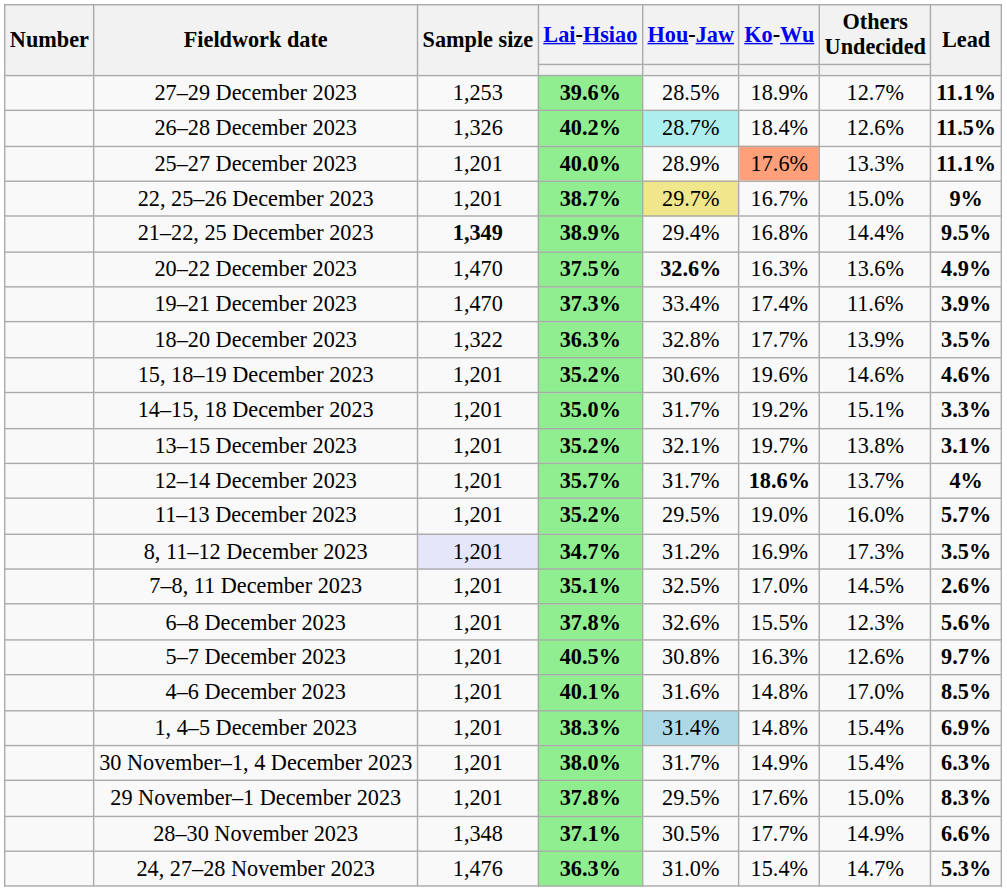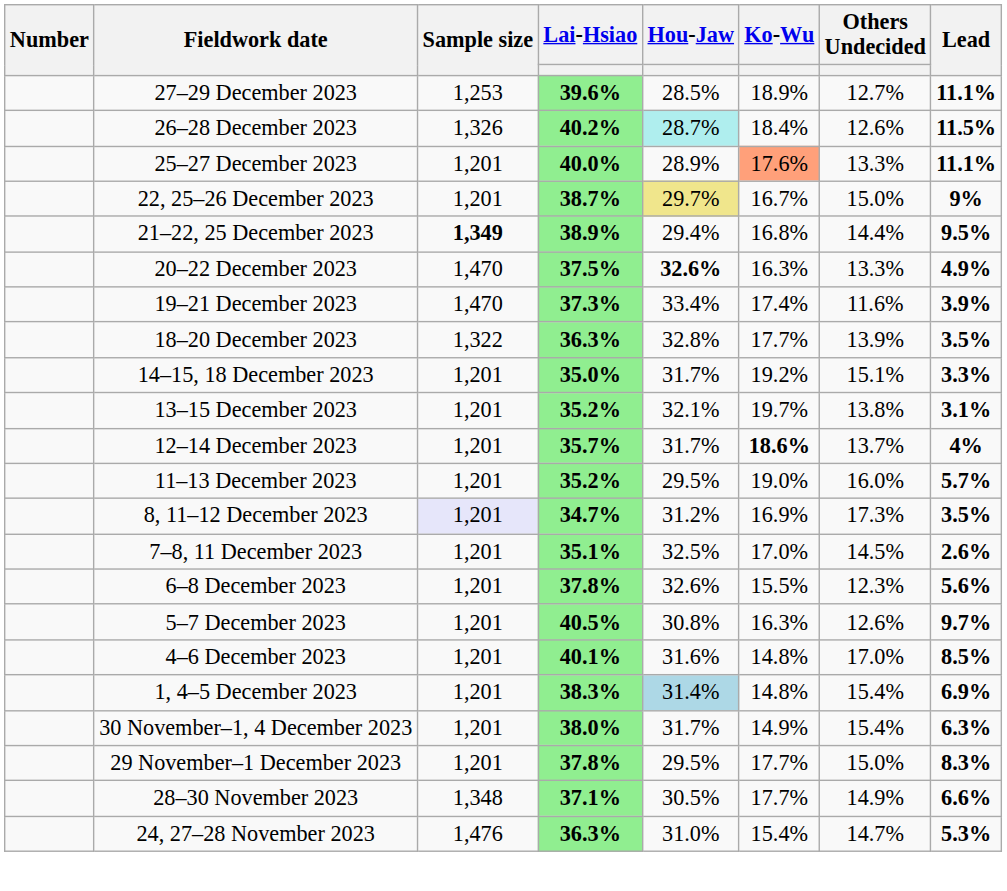 <table class="wikitable sortable collapsible" style="text-align:center;">
 <tr style="background:#e9e9e9;">
 <th rowspan="2">Number</th>
 <th rowspan="2">Fieldwork date</th>
 <th rowspan="2">Sample size</th>
 <th><a href='#'>Lai</a>-<a href='#'>Hsiao</a><br></th>
 <th><a href='#'>Hou</a>-<a href='#'>Jaw</a><br></th>
 <th><a href='#'>Ko</a>-<a href='#'>Wu</a><br></th>
 <th>Others<br>Undecided</th>
 <th rowspan="2">Lead</th>
 </tr>
 <tr>
 <th style="background:"></th>
 <th style="background:"></th>
 <th style="background:"></th>
 <th style="background:"></th>
 </tr>
 <tr>
 <td></td>
 <td>27–29 December 2023</td>
 <td>1,253</td>
 <td style="background:#90ee90;"><strong>39.6%</strong></td>
 <td>28.5%</td>
 <td>18.9%</td>
 <td>12.7%</td>
 <td style="background:"><strong>11.1%</strong></td>
 </tr>
 <tr>
 <td></td>
 <td>26–28 December 2023</td>
 <td>1,326</td>
 <td style="background:#90ee90;"><strong>40.2%</strong></td>
 <td style="background: paleturquoise;">28.7%</td>
 <td>18.4%</td>
 <td>12.6%</td>
 <td style="background:"><strong>11.5%</strong></td>
 </tr>
 <tr>
 <td></td>
 <td>25–27 December 2023</td>
 <td>1,201</td>
 <td style="background:#90ee90;"><strong>40.0%</strong></td>
 <td>28.9%</td>
 <td style="background: lightsalmon;">17.6%</td>
 <td>13.3%</td>
 <td style="background:"><strong>11.1%</strong></td>
 </tr>
 <tr>
 <td></td>
 <td>22, 25–26 December 2023</td>
 <td>1,201</td>
 <td style="background:#90ee90;"><strong>38.7%</strong></td>
 <td style="background: khaki;">29.7%</td>
 <td>16.7%</td>
 <td>15.0%</td>
 <td style="background:"><strong>9%</strong></td>
 </tr>
 <tr>
 <td></td>
 <td>21–22, 25 December 2023</td>
 <td><strong>1,349</strong></td>
 <td style="background:#90ee90;"><strong>38.9%</strong></td>
 <td>29.4%</td>
 <td>16.8%</td>
 <td>14.4%</td>
 <td style="background:"><strong>9.5%</strong></td>
 </tr>
 <tr>
 <td></td>
 <td>20–22 December 2023</td>
 <td>1,470</td>
 <td style="background:#90ee90;"><strong>37.5%</strong></td>
 <td><strong>32.6%</strong></td>
 <td>16.3%</td>
-<td>13.6%</td>
+<td>13.3%</td>
 <td style="background:"><strong>4.9%</strong></td>
 </tr>
 <tr>
 <td></td>
 <td>19–21 December 2023</td>
 <td>1,470</td>
 <td style="background:#90ee90;"><strong>37.3%</strong></td>
 <td>33.4%</td>
 <td>17.4%</td>
 <td>11.6%</td>
 <td style="background:"><strong>3.9%</strong></td>
 </tr>
 <tr>
 <td></td>
 <td>18–20 December 2023</td>
 <td>1,322</td>
 <td style="background:#90ee90;"><strong>36.3%</strong></td>
 <td>32.8%</td>
 <td>17.7%</td>
 <td>13.9%</td>
 <td style="background:"><strong>3.5%</strong></td>
-</tr>
-<tr>
-<td></td>
-<td>15, 18–19 December 2023</td>
-<td>1,201</td>
-<td style="background:#90ee90;"><strong>35.2%</strong></td>
-<td>30.6%</td>
-<td>19.6%</td>
-<td>14.6%</td>
-<td style="background:"><strong>4.6%</strong></td>
 </tr>
 <tr>
 <td></td>
 <td>14–15, 18 December 2023</td>
 <td>1,201</td>
 <td style="background:#90ee90;"><strong>35.0%</strong></td>
 <td>31.7%</td>
 <td>19.2%</td>
 <td>15.1%</td>
 <td style="background:"><strong>3.3%</strong></td>
 </tr>
 <tr>
 <td></td>
 <td>13–15 December 2023</td>
 <td>1,201</td>
 <td style="background:#90ee90;"><strong>35.2%</strong></td>
 <td>32.1%</td>
 <td>19.7%</td>
 <td>13.8%</td>
 <td style="background:"><strong>3.1%</strong></td>
 </tr>
 <tr>
 <td></td>
 <td>12–14 December 2023</td>
 <td>1,201</td>
 <td style="background:#90ee90;"><strong>35.7%</strong></td>
 <td>31.7%</td>
 <td><strong>18.6%</strong></td>
 <td>13.7%</td>
 <td style="background:"><strong>4%</strong></td>
 </tr>
 <tr>
 <td></td>
 <td>11–13 December 2023</td>
 <td>1,201</td>
 <td style="background:#90ee90;"><strong>35.2%</strong></td>
 <td>29.5%</td>
 <td>19.0%</td>
 <td>16.0%</td>
 <td style="background:"><strong>5.7%</strong></td>
 </tr>
 <tr>
 <td></td>
 <td>8, 11–12 December 2023</td>
 <td style="background: lavender;">1,201</td>
 <td style="background:#90ee90;"><strong>34.7%</strong></td>
 <td>31.2%</td>
 <td>16.9%</td>
 <td>17.3%</td>
 <td style="background:"><strong>3.5%</strong></td>
 </tr>
 <tr>
 <td></td>
 <td>7–8, 11 December 2023</td>
 <td>1,201</td>
 <td style="background:#90ee90;"><strong>35.1%</strong></td>
 <td>32.5%</td>
 <td>17.0%</td>
 <td>14.5%</td>
 <td style="background:"><strong>2.6%</strong></td>
 </tr>
 <tr>
 <td></td>
 <td>6–8 December 2023</td>
 <td>1,201</td>
 <td style="background:#90ee90;"><strong>37.8%</strong></td>
 <td>32.6%</td>
 <td>15.5%</td>
 <td>12.3%</td>
 <td style="background:"><strong>5.6%</strong></td>
 </tr>
 <tr>
 <td></td>
 <td>5–7 December 2023</td>
 <td>1,201</td>
 <td style="background:#90ee90;"><strong>40.5%</strong></td>
 <td>30.8%</td>
 <td>16.3%</td>
 <td>12.6%</td>
 <td style="background:"><strong>9.7%</strong></td>
 </tr>
 <tr>
 <td></td>
 <td>4–6 December 2023</td>
 <td>1,201</td>
 <td style="background:#90ee90;"><strong>40.1%</strong></td>
 <td>31.6%</td>
 <td>14.8%</td>
 <td>17.0%</td>
 <td style="background:"><strong>8.5%</strong></td>
 </tr>
 <tr>
 <td></td>
 <td>1, 4–5 December 2023</td>
 <td>1,201</td>
 <td style="background:#90ee90;"><strong>38.3%</strong></td>
 <td style="background: lightblue;">31.4%</td>
 <td>14.8%</td>
 <td>15.4%</td>
 <td style="background:"><strong>6.9%</strong></td>
 </tr>
 <tr>
 <td></td>
 <td>30 November–1, 4 December 2023</td>
 <td>1,201</td>
 <td style="background:#90ee90;"><strong>38.0%</strong></td>
 <td>31.7%</td>
 <td>14.9%</td>
 <td>15.4%</td>
 <td style="background:"><strong>6.3%</strong></td>
 </tr>
 <tr>
 <td></td>
 <td>29 November–1 December 2023</td>
 <td>1,201</td>
 <td style="background:#90ee90;"><strong>37.8%</strong></td>
 <td>29.5%</td>
-<td>17.6%</td>
+<td>17.7%</td>
 <td>15.0%</td>
 <td style="background:"><strong>8.3%</strong></td>
 </tr>
 <tr>
 <td></td>
 <td>28–30 November 2023</td>
 <td>1,348</td>
 <td style="background:#90ee90;"><strong>37.1%</strong></td>
 <td>30.5%</td>
 <td>17.7%</td>
 <td>14.9%</td>
 <td style="background:"><strong>6.6%</strong></td>
 </tr>
 <tr>
 <td></td>
 <td>24, 27–28 November 2023</td>
 <td>1,476</td>
 <td style="background:#90ee90;"><strong>36.3%</strong></td>
 <td>31.0%</td>
 <td>15.4%</td>
 <td>14.7%</td>
 <td style="background:"><strong>5.3%</strong></td>
 </tr>
 </table>
